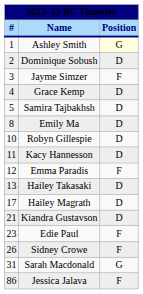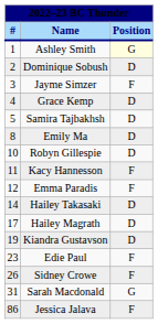 <table class="wikitable" style="text-align:centre">
 <tr align=Center>
 <th style=background:Navy colspan=3><span>2022–23 BC Thunder</span></th>
 </tr>
 <tr style="text-align:center; background:#AADBFB; border-bottom:navy 3px solid; color:navy;">
 <td><strong>#</strong></td>
 <td><strong>Name</strong></td>
 <td><strong>Position</strong></td>
 </tr>
 <tr style="text-align:center">
 <td>1</td>
 <td>Ashley Smith</td>
 <td style="background: lightyellow;">G</td>
 </tr>
 <tr style="text-align:center" bgcolor="#eeeeee">
 <td>2</td>
 <td>Dominique Sobush</td>
 <td>D</td>
 </tr>
 <tr style="text-align:center">
 <td>3</td>
 <td>Jayme Simzer</td>
 <td>F</td>
 </tr>
 <tr style="text-align:center" bgcolor="#eeeeee">
 <td>4</td>
 <td>Grace Kemp</td>
 <td>D</td>
 </tr>
 <tr style="text-align:center">
 <td>5</td>
 <td>Samira Tajbakhsh</td>
 <td>D</td>
 </tr>
 <tr style="text-align:center" bgcolor="#eeeeee">
 <td>8</td>
 <td>Emily Ma</td>
 <td>D</td>
 </tr>
 <tr style="text-align:center">
 <td>10</td>
 <td>Robyn Gillespie</td>
 <td>D</td>
 </tr>
 <tr style="text-align:center" bgcolor="#eeeeee">
 <td>11</td>
 <td>Kacy Hannesson</td>
-<td>D</td>
+<td>F</td>
 </tr>
 <tr style="text-align:center">
 <td>12</td>
 <td>Emma Paradis</td>
 <td>F</td>
 </tr>
 <tr style="text-align:center" bgcolor="#eeeeee">
-<td>13</td>
+<td>14</td>
 <td>Hailey Takasaki</td>
 <td>D</td>
 </tr>
 <tr style="text-align:center">
 <td>17</td>
 <td>Hailey Magrath</td>
 <td>D</td>
 </tr>
 <tr style="text-align:center" bgcolor="#eeeeee">
-<td>21</td>
+<td>19</td>
 <td>Kiandra Gustavson</td>
 <td>D</td>
 </tr>
 <tr style="text-align:center">
 <td>23</td>
 <td>Edie Paul</td>
 <td>F</td>
 </tr>
 <tr style="text-align:center" bgcolor="#eeeeee">
 <td>26</td>
 <td>Sidney Crowe</td>
 <td>F</td>
 </tr>
 <tr style="text-align:center">
 <td>31</td>
 <td>Sarah Macdonald</td>
 <td>G</td>
 </tr>
 <tr style="text-align:center" bgcolor="#eeeeee">
 <td>86</td>
 <td>Jessica Jalava</td>
 <td>F</td>
 </tr>
 </table>
